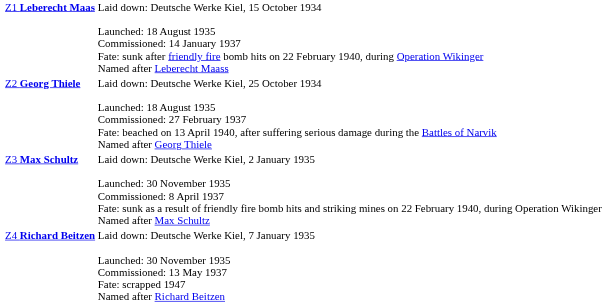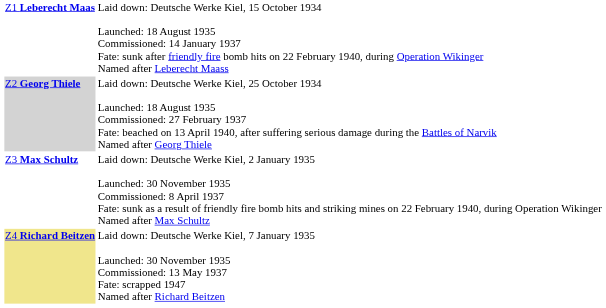 <table>
 <tr>
 <td valign="top"><a href='#'>Z1 <strong>Leberecht Maas</strong></a></td>
 <td>Laid down: Deutsche Werke Kiel, 15 October 1934<br><br>Launched: 18 August 1935<br> Commissioned: 14 January 1937<br> Fate: sunk after <a href='#'>friendly fire</a> bomb hits on 22 February 1940, during <a href='#'>Operation Wikinger</a><br> Named after <a href='#'>Leberecht Maass</a></td>
 </tr>
 <tr>
-<td valign="top"><a href='#'>Z2 <strong>Georg Thiele</strong></a></td>
+<td valign="top" style="background: lightgrey;"><a href='#'>Z2 <strong>Georg Thiele</strong></a></td>
 <td>Laid down: Deutsche Werke Kiel, 25 October 1934<br><br>Launched: 18 August 1935<br> Commissioned: 27 February 1937<br> Fate: beached on 13 April 1940, after suffering serious damage during the <a href='#'>Battles of Narvik</a><br> Named after <a href='#'>Georg Thiele</a></td>
 </tr>
 <tr>
 <td valign="top"><a href='#'>Z3 <strong>Max Schultz</strong></a></td>
 <td>Laid down: Deutsche Werke Kiel, 2 January 1935<br><br>Launched: 30 November 1935<br> Commissioned: 8 April 1937<br> Fate: sunk as a result of friendly fire bomb hits and striking mines on 22 February 1940, during Operation Wikinger<br>Named after <a href='#'>Max Schultz</a></td>
 </tr>
 <tr>
-<td valign="top"><a href='#'>Z4 <strong>Richard Beitzen</strong></a></td>
+<td valign="top" style="background: khaki;"><a href='#'>Z4 <strong>Richard Beitzen</strong></a></td>
 <td>Laid down: Deutsche Werke Kiel, 7 January 1935<br><br>Launched: 30 November 1935<br> Commissioned: 13 May 1937<br> Fate: scrapped 1947<br> Named after <a href='#'>Richard Beitzen</a></td>
 </tr>
 </table>
